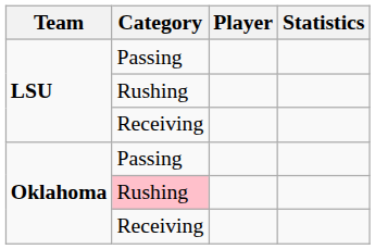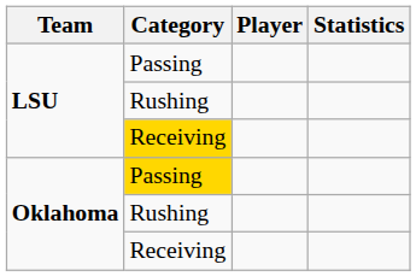 <table class="wikitable" style="float: right;">
 <tr>
 <th>Team</th>
 <th>Category</th>
 <th>Player</th>
 <th>Statistics</th>
 </tr>
 <tr>
 <td rowspan=3><strong>LSU </strong></td>
 <td>Passing</td>
 <td></td>
 <td></td>
 </tr>
 <tr>
 <td>Rushing</td>
 <td></td>
 <td></td>
 </tr>
 <tr>
-<td>Receiving</td>
+<td style="background: gold;">Receiving</td>
 <td></td>
 <td></td>
 </tr>
 <tr>
 <td rowspan=3><strong>Oklahoma</strong></td>
-<td>Passing</td>
+<td style="background: gold;">Passing</td>
 <td></td>
 <td></td>
 </tr>
 <tr>
-<td style="background: pink;">Rushing</td>
+<td>Rushing</td>
 <td></td>
 <td></td>
 </tr>
 <tr>
 <td>Receiving</td>
 <td></td>
 <td></td>
 </tr>
 </table>
